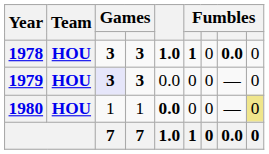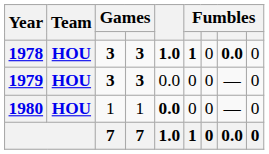 <table class="wikitable" style="text-align:center;">
 <tr>
 <th rowspan="2">Year</th>
 <th rowspan="2">Team</th>
 <th colspan="2">Games</th>
 <th rowspan="2"></th>
 <th colspan="4">Fumbles</th>
 </tr>
 <tr>
 <th></th>
 <th></th>
 <th></th>
 <th></th>
 <th></th>
 <th></th>
 </tr>
 <tr>
 <th><a href='#'>1978</a></th>
 <th><a href='#'>HOU</a></th>
 <td><strong>3</strong></td>
 <td><strong>3</strong></td>
 <td><strong>1.0</strong></td>
 <td><strong>1</strong></td>
 <td>0</td>
 <td><strong>0.0</strong></td>
 <td>0</td>
 </tr>
 <tr>
 <th><a href='#'>1979</a></th>
 <th><a href='#'>HOU</a></th>
-<td style="background: lavender;"><strong>3</strong></td>
+<td><strong>3</strong></td>
 <td><strong>3</strong></td>
 <td>0.0</td>
 <td>0</td>
 <td>0</td>
 <td>—</td>
 <td>0</td>
 </tr>
 <tr>
 <th><a href='#'>1980</a></th>
 <th><a href='#'>HOU</a></th>
 <td>1</td>
 <td>1</td>
 <td><strong>0.0</strong></td>
 <td>0</td>
 <td>0</td>
 <td>—</td>
-<td style="background: khaki;">0</td>
+<td>0</td>
 </tr>
 <tr>
 <th colspan="2"></th>
 <th>7</th>
 <th>7</th>
 <th>1.0</th>
 <th>1</th>
 <th>0</th>
 <th>0.0</th>
 <th>0</th>
 </tr>
 </table>
